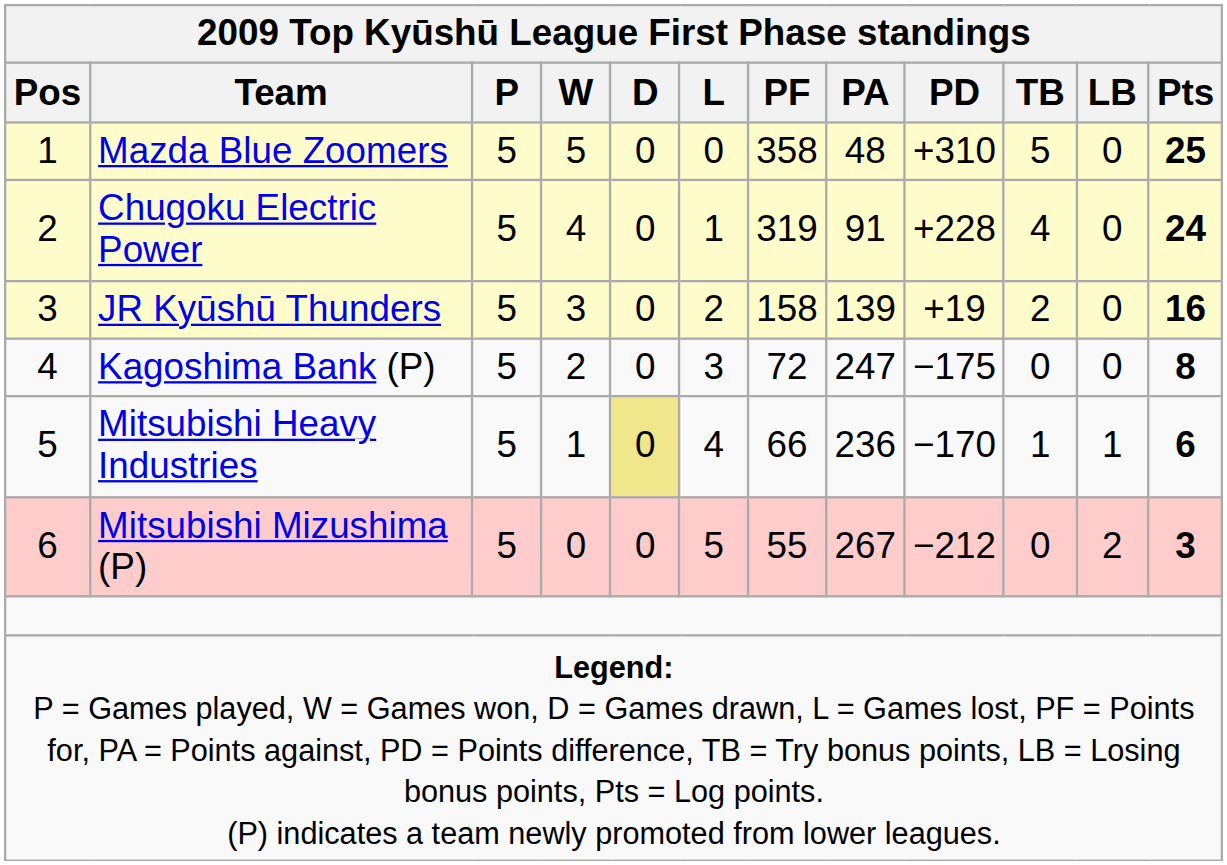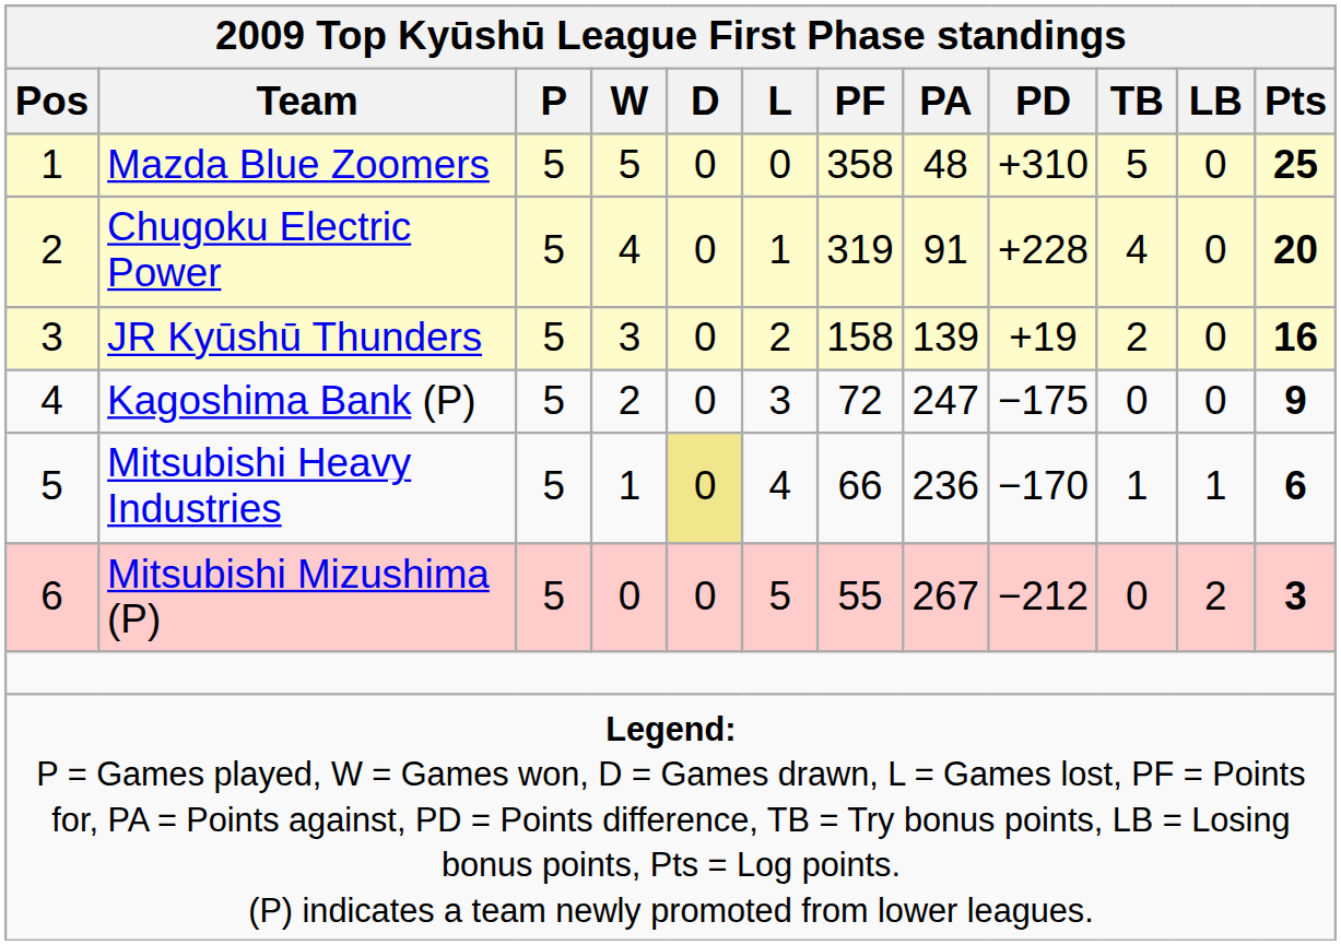 <table class="wikitable" style="text-align:center; font-size:100%; width:60%;">
 <tr>
 <th colspan="100%" cellpadding="0" cellspacing="0"><strong>2009 Top Kyūshū League First Phase standings</strong></th>
 </tr>
 <tr>
 <th style="width:6%;">Pos</th>
 <th style="width:34%;">Team</th>
 <th style="width:6%;">P</th>
 <th style="width:6%;">W</th>
 <th style="width:6%;">D</th>
 <th style="width:6%;">L</th>
 <th style="width:6%;">PF</th>
 <th style="width:6%;">PA</th>
 <th style="width:6%;">PD</th>
 <th style="width:6%;">TB</th>
 <th style="width:6%;">LB</th>
 <th style="width:6%;">Pts<br></th>
 </tr>
 <tr style="background:#FFFCCC;">
 <td>1</td>
 <td style="text-align:left;"><a href='#'>Mazda Blue Zoomers</a></td>
 <td>5</td>
 <td>5</td>
 <td>0</td>
 <td>0</td>
 <td>358</td>
 <td>48</td>
 <td>+310</td>
 <td>5</td>
 <td>0</td>
 <td><strong>25</strong></td>
 </tr>
 <tr style="background:#FFFCCC;">
 <td>2</td>
 <td style="text-align:left;"><a href='#'>Chugoku Electric Power</a></td>
 <td>5</td>
 <td>4</td>
 <td>0</td>
 <td>1</td>
 <td>319</td>
 <td>91</td>
 <td>+228</td>
 <td>4</td>
 <td>0</td>
-<td><strong>24</strong></td>
+<td><strong>20</strong></td>
 </tr>
 <tr style="background:#FFFCCC;">
 <td>3</td>
 <td style="text-align:left;"><a href='#'>JR Kyūshū Thunders</a></td>
 <td>5</td>
 <td>3</td>
 <td>0</td>
 <td>2</td>
 <td>158</td>
 <td>139</td>
 <td>+19</td>
 <td>2</td>
 <td>0</td>
 <td><strong>16</strong></td>
 </tr>
 <tr>
 <td>4</td>
 <td style="text-align:left;"><a href='#'>Kagoshima Bank</a> (P)</td>
 <td>5</td>
 <td>2</td>
 <td>0</td>
 <td>3</td>
 <td>72</td>
 <td>247</td>
 <td>−175</td>
 <td>0</td>
 <td>0</td>
-<td><strong>8</strong></td>
+<td><strong>9</strong></td>
 </tr>
 <tr>
 <td>5</td>
 <td style="text-align:left;"><a href='#'>Mitsubishi Heavy Industries</a></td>
 <td>5</td>
 <td>1</td>
 <td style="background: khaki;">0</td>
 <td>4</td>
 <td>66</td>
 <td>236</td>
 <td>−170</td>
 <td>1</td>
 <td>1</td>
 <td><strong>6</strong></td>
 </tr>
 <tr style="background:#FFCCCC;">
 <td>6</td>
 <td style="text-align:left;"><a href='#'>Mitsubishi Mizushima</a> (P)</td>
 <td>5</td>
 <td>0</td>
 <td>0</td>
 <td>5</td>
 <td>55</td>
 <td>267</td>
 <td>−212</td>
 <td>0</td>
 <td>2</td>
 <td><strong>3</strong></td>
 </tr>
 <tr>
 <td colspan="100%" style="height:10px;"></td>
 </tr>
 <tr>
 <td colspan="100%"><small><strong>Legend:</strong> <br> P = Games played, W = Games won, D = Games drawn, L = Games lost, PF = Points for, PA = Points against, PD = Points difference, TB = Try bonus points, LB = Losing bonus points, Pts = Log points. <br> (P) indicates a team newly promoted from lower leagues.</small></td>
 </tr>
 </table>
